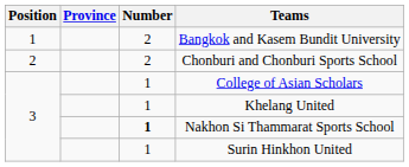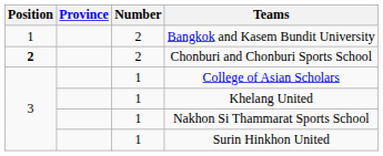 <table class="wikitable">
 <tr>
 <th>Position</th>
 <th><a href='#'>Province</a></th>
 <th>Number</th>
 <th>Teams</th>
 </tr>
 <tr>
 <td align=center rowspan="1">1</td>
 <td></td>
 <td align=center>2</td>
 <td align=center><a href='#'>Bangkok</a> and Kasem Bundit University</td>
 </tr>
 <tr>
-<td align=center rowspan="1">2</td>
+<td align=center rowspan="1"><strong>2</strong></td>
 <td></td>
 <td align=center>2</td>
 <td align=center>Chonburi and Chonburi Sports School</td>
 </tr>
 <tr>
 <td align=center rowspan="4">3</td>
 <td></td>
 <td align=center>1</td>
 <td align=center><a href='#'>College of Asian Scholars</a></td>
 </tr>
 <tr>
 <td></td>
 <td align=center>1</td>
 <td align=center>Khelang United</td>
 </tr>
 <tr>
 <td></td>
-<td align=center><strong>1</strong></td>
+<td align=center>1</td>
 <td align=center>Nakhon Si Thammarat Sports School</td>
 </tr>
 <tr>
 <td></td>
 <td align=center>1</td>
 <td align=center>Surin Hinkhon United</td>
 </tr>
 </table>
